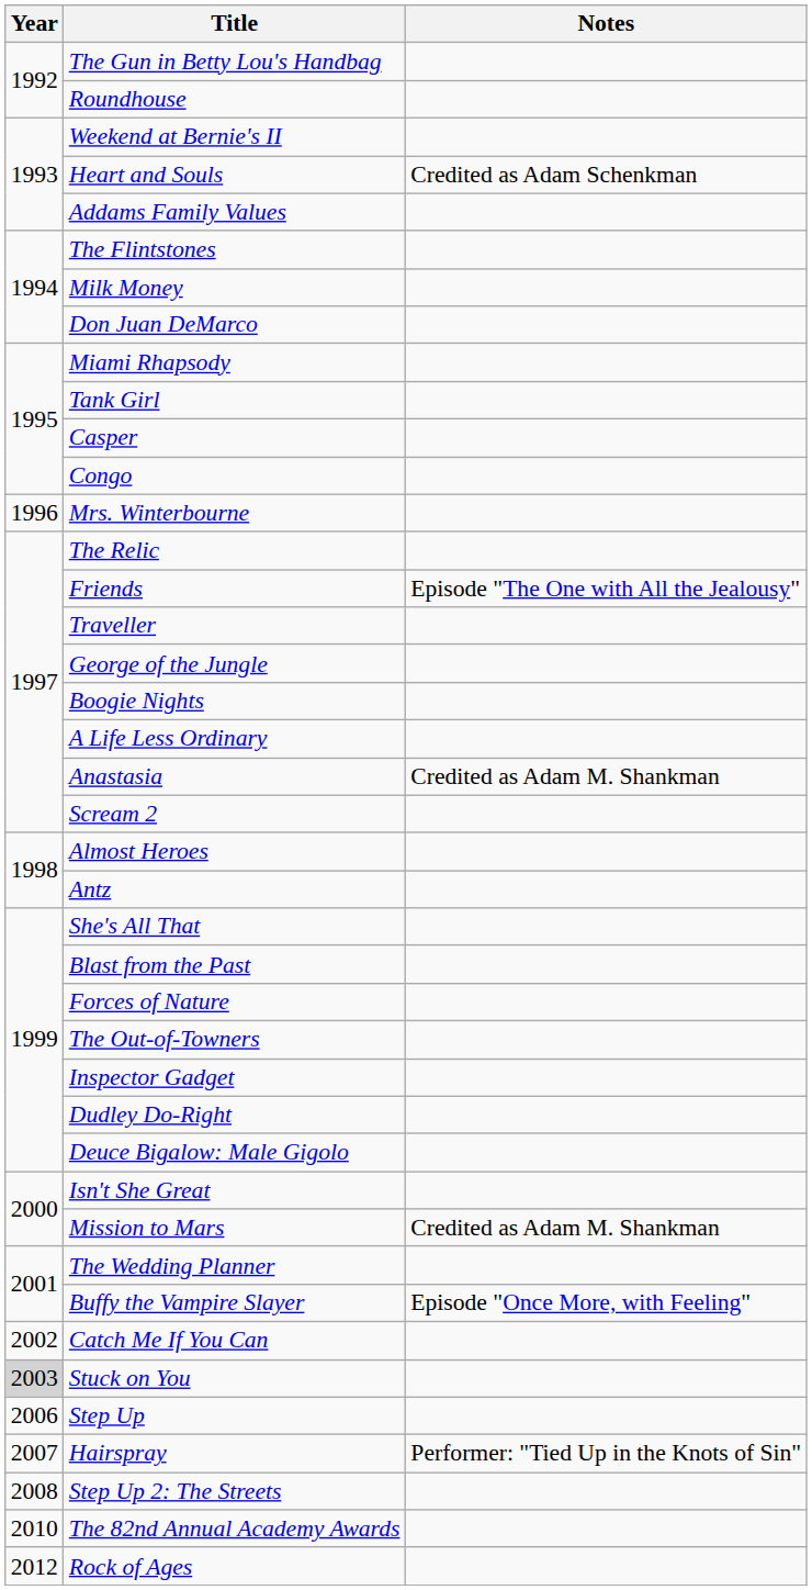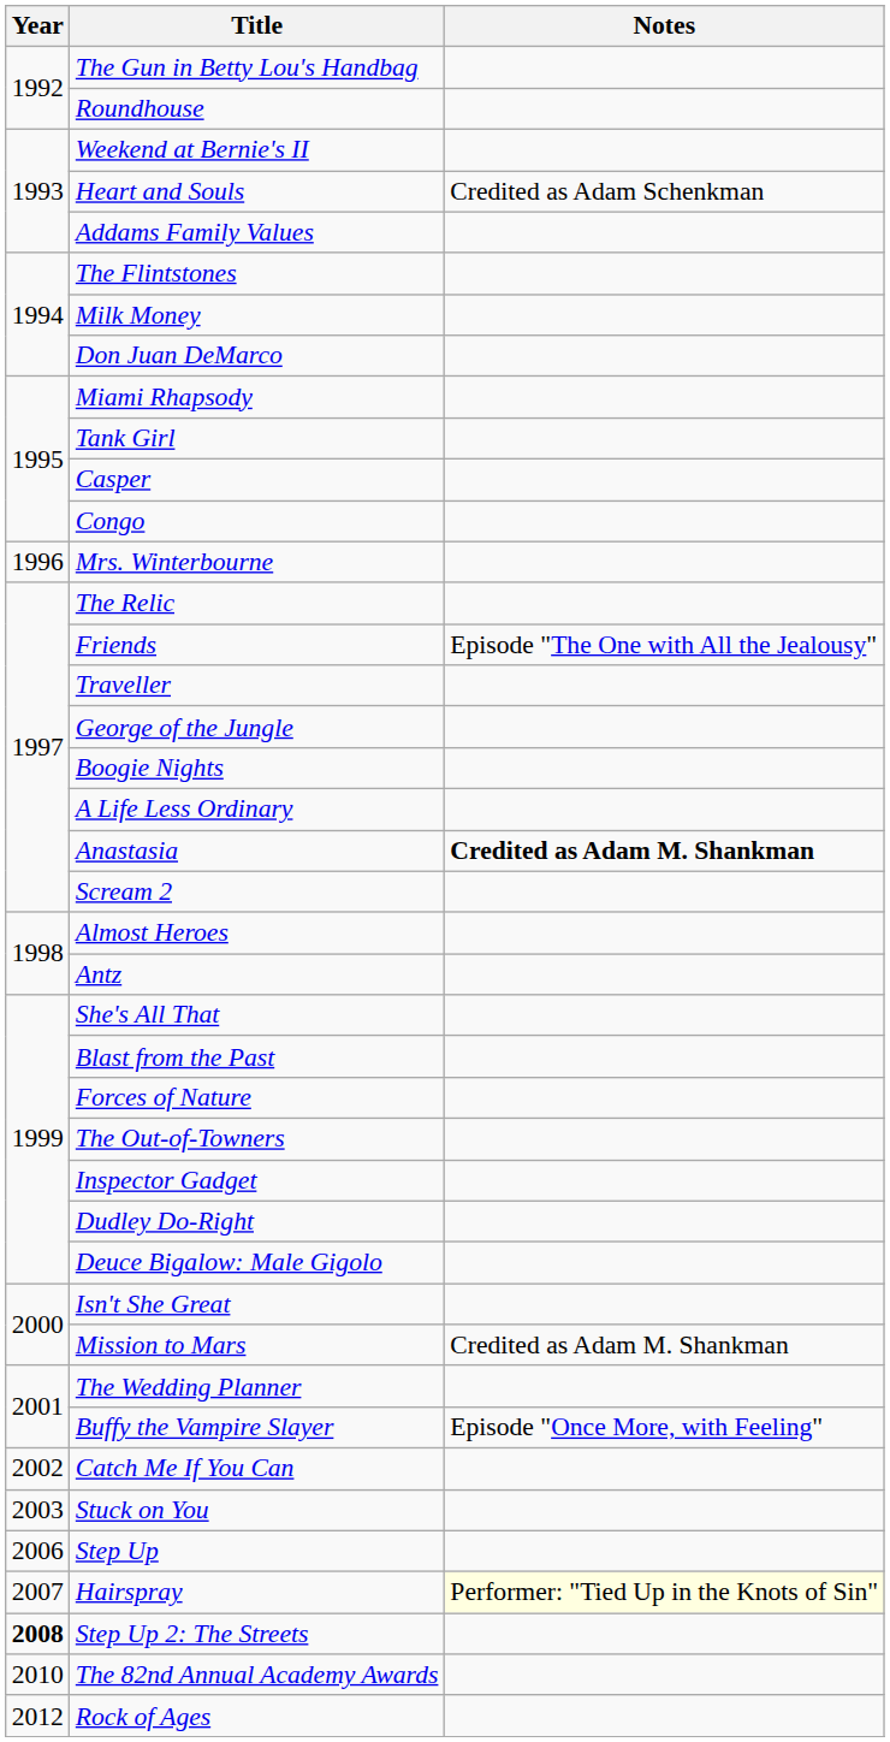 <table class="wikitable">
 <tr>
 <th>Year</th>
 <th>Title</th>
 <th>Notes</th>
 </tr>
 <tr>
 <td rowspan="2">1992</td>
 <td><em><a href='#'>The Gun in Betty Lou's Handbag</a></em></td>
 <td></td>
 </tr>
 <tr>
 <td><em><a href='#'>Roundhouse</a></em></td>
 <td></td>
 </tr>
 <tr>
 <td rowspan="3">1993</td>
 <td><em><a href='#'>Weekend at Bernie's II</a></em></td>
 <td></td>
 </tr>
 <tr>
 <td><em><a href='#'>Heart and Souls</a></em></td>
 <td>Credited as Adam Schenkman</td>
 </tr>
 <tr>
 <td><em><a href='#'>Addams Family Values</a></em></td>
 <td></td>
 </tr>
 <tr>
 <td rowspan="3">1994</td>
 <td><em><a href='#'>The Flintstones</a></em></td>
 <td></td>
 </tr>
 <tr>
 <td><em><a href='#'>Milk Money</a></em></td>
 <td></td>
 </tr>
 <tr>
 <td><em><a href='#'>Don Juan DeMarco</a></em></td>
 <td></td>
 </tr>
 <tr>
 <td rowspan="4">1995</td>
 <td><em><a href='#'>Miami Rhapsody</a></em></td>
 <td></td>
 </tr>
 <tr>
 <td><em><a href='#'>Tank Girl</a></em></td>
 <td></td>
 </tr>
 <tr>
 <td><em><a href='#'>Casper</a></em></td>
 <td></td>
 </tr>
 <tr>
 <td><em><a href='#'>Congo</a></em></td>
 <td></td>
 </tr>
 <tr>
 <td>1996</td>
 <td><em><a href='#'>Mrs. Winterbourne</a></em></td>
 <td></td>
 </tr>
 <tr>
 <td rowspan="8">1997</td>
 <td><em><a href='#'>The Relic</a></em></td>
 <td></td>
 </tr>
 <tr>
 <td><em><a href='#'>Friends</a></em></td>
 <td>Episode "<a href='#'>The One with All the Jealousy</a>"</td>
 </tr>
 <tr>
 <td><em><a href='#'>Traveller</a></em></td>
 <td></td>
 </tr>
 <tr>
 <td><em><a href='#'>George of the Jungle</a></em></td>
 <td></td>
 </tr>
 <tr>
 <td><em><a href='#'>Boogie Nights</a></em></td>
 <td></td>
 </tr>
 <tr>
 <td><em><a href='#'>A Life Less Ordinary</a></em></td>
 <td></td>
 </tr>
 <tr>
 <td><em><a href='#'>Anastasia</a></em></td>
-<td>Credited as Adam M. Shankman</td>
+<td><strong>Credited as Adam M. Shankman</strong></td>
 </tr>
 <tr>
 <td><em><a href='#'>Scream 2</a></em></td>
 <td></td>
 </tr>
 <tr>
 <td rowspan="2">1998</td>
 <td><em><a href='#'>Almost Heroes</a></em></td>
 <td></td>
 </tr>
 <tr>
 <td><em><a href='#'>Antz</a></em></td>
 <td></td>
 </tr>
 <tr>
 <td rowspan="7">1999</td>
 <td><em><a href='#'>She's All That</a></em></td>
 <td></td>
 </tr>
 <tr>
 <td><em><a href='#'>Blast from the Past</a></em></td>
 <td></td>
 </tr>
 <tr>
 <td><em><a href='#'>Forces of Nature</a></em></td>
 <td></td>
 </tr>
 <tr>
 <td><em><a href='#'>The Out-of-Towners</a></em></td>
 <td></td>
 </tr>
 <tr>
 <td><em><a href='#'>Inspector Gadget</a></em></td>
 <td></td>
 </tr>
 <tr>
 <td><em><a href='#'>Dudley Do-Right</a></em></td>
 <td></td>
 </tr>
 <tr>
 <td><em><a href='#'>Deuce Bigalow: Male Gigolo</a></em></td>
 <td></td>
 </tr>
 <tr>
 <td rowspan="2">2000</td>
 <td><em><a href='#'>Isn't She Great</a></em></td>
 <td></td>
 </tr>
 <tr>
 <td><em><a href='#'>Mission to Mars</a></em></td>
 <td>Credited as Adam M. Shankman</td>
 </tr>
 <tr>
 <td rowspan="2">2001</td>
 <td><em><a href='#'>The Wedding Planner</a></em></td>
 <td></td>
 </tr>
 <tr>
 <td><em><a href='#'>Buffy the Vampire Slayer</a></em></td>
 <td>Episode "<a href='#'>Once More, with Feeling</a>"</td>
 </tr>
 <tr>
 <td>2002</td>
 <td><em><a href='#'>Catch Me If You Can</a></em></td>
 <td></td>
 </tr>
 <tr>
-<td style="background: lightgrey;">2003</td>
+<td>2003</td>
 <td><em><a href='#'>Stuck on You</a></em></td>
 <td></td>
 </tr>
 <tr>
 <td>2006</td>
 <td><em><a href='#'>Step Up</a></em></td>
 <td></td>
 </tr>
 <tr>
 <td>2007</td>
 <td><em><a href='#'>Hairspray</a></em></td>
-<td>Performer: "Tied Up in the Knots of Sin"</td>
+<td style="background: lightyellow;">Performer: "Tied Up in the Knots of Sin"</td>
 </tr>
 <tr>
-<td>2008</td>
+<td><strong>2008</strong></td>
 <td><em><a href='#'>Step Up 2: The Streets</a></em></td>
 <td></td>
 </tr>
 <tr>
 <td>2010</td>
 <td><em><a href='#'>The 82nd Annual Academy Awards</a></em></td>
 <td style="text-align:left;"></td>
 </tr>
 <tr>
 <td>2012</td>
 <td><em><a href='#'>Rock of Ages</a></em></td>
 <td></td>
 </tr>
 <tr>
 </tr>
 </table>
